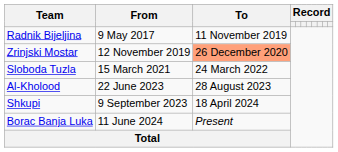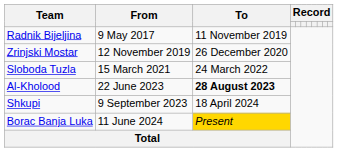 <table class=wikitable style="text-align: center">
 <tr>
 <th rowspan=2>Team</th>
 <th rowspan=2>From</th>
 <th rowspan=2>To</th>
 <th colspan=8>Record</th>
 </tr>
 <tr>
 <th></th>
 <th></th>
 <th></th>
 <th></th>
 <th></th>
 <th></th>
 <th></th>
 <th></th>
 </tr>
 <tr>
 <td align=left><a href='#'>Radnik Bijeljina</a></td>
 <td align=left>9 May 2017</td>
 <td align=left>11 November 2019<br></td>
 </tr>
 <tr>
 <td align=left><a href='#'>Zrinjski Mostar</a></td>
 <td align=left>12 November 2019</td>
-<td align=left style="background: lightsalmon;">26 December 2020<br></td>
+<td align=left>26 December 2020<br></td>
 </tr>
 <tr>
 <td align=left><a href='#'>Sloboda Tuzla</a></td>
 <td align=left>15 March 2021</td>
 <td align=left>24 March 2022<br></td>
 </tr>
 <tr>
 <td align=left><a href='#'>Al-Kholood</a></td>
 <td align=left>22 June 2023</td>
-<td align=left>28 August 2023<br></td>
+<td align=left><strong>28 August 2023<br></strong></td>
 </tr>
 <tr>
 <td align=left><a href='#'>Shkupi</a></td>
 <td align=left>9 September 2023</td>
 <td align=left>18 April 2024<br></td>
 </tr>
 <tr>
 <td align=left><a href='#'>Borac Banja Luka</a></td>
 <td align=left>11 June 2024</td>
-<td align=left><em>Present</em><br></td>
+<td align=left style="background: gold;"><em>Present</em><br></td>
 </tr>
 <tr>
 <th colspan=3>Total<br></th>
 </tr>
 </table>
